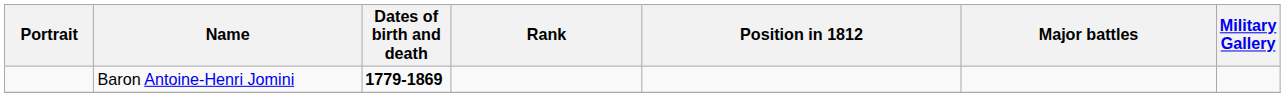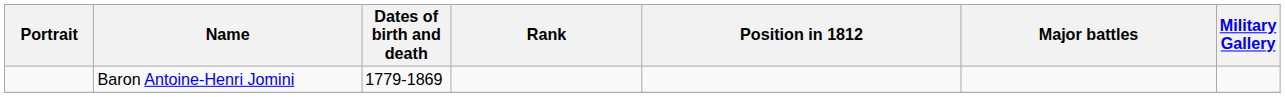 <table width=100% class="wikitable">
 <tr>
 <th width=7%>Portrait</th>
 <th width=21%>Name</th>
 <th width=7%>Dates of birth and death</th>
 <th width=15%>Rank</th>
 <th width=25%>Position in 1812</th>
 <th width=20%>Major battles</th>
 <th width=5%><a href='#'>Military Gallery</a></th>
 </tr>
 <tr>
 <td></td>
 <td>Baron <a href='#'>Antoine-Henri Jomini</a></td>
-<td><strong>1779-1869</strong></td>
+<td>1779-1869</td>
 <td></td>
 <td></td>
 <td></td>
 <td></td>
 </tr>
 <tr>
 </tr>
 </table>
